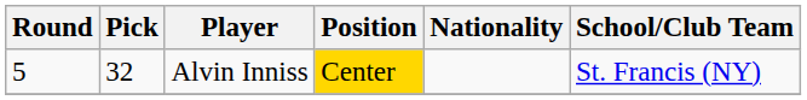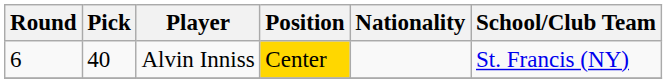 <table class="wikitable sortable sortable">
 <tr>
 <th>Round</th>
 <th>Pick</th>
 <th>Player</th>
 <th>Position</th>
 <th>Nationality</th>
 <th>School/Club Team</th>
 </tr>
 <tr>
-<td>5</td>
-<td>32</td>
+<td>6</td>
+<td>40</td>
 <td>Alvin Inniss</td>
 <td style="background: gold;">Center</td>
 <td></td>
 <td><a href='#'>St. Francis (NY)</a></td>
 </tr>
 <tr>
 </tr>
 </table>
